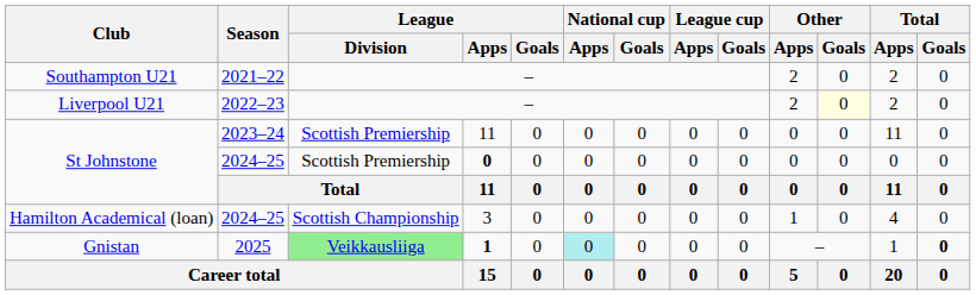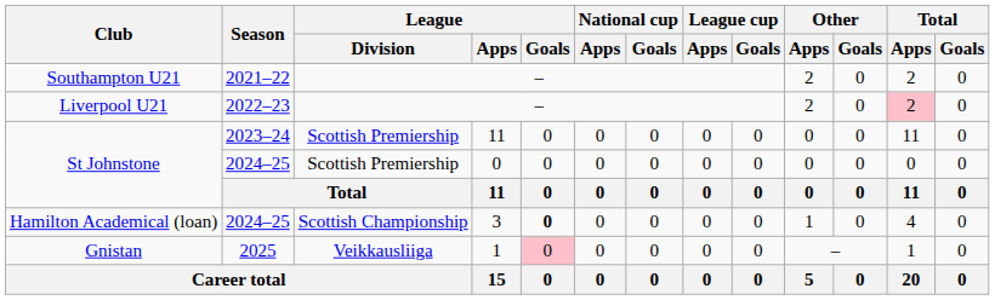 <table class="wikitable" style="text-align:center">
 <tr>
 <th rowspan="2">Club</th>
 <th rowspan="2">Season</th>
 <th colspan="3">League</th>
 <th colspan="2">National cup</th>
 <th colspan="2">League cup</th>
 <th colspan="2">Other</th>
 <th colspan="2">Total</th>
 </tr>
 <tr>
 <th>Division</th>
 <th>Apps</th>
 <th>Goals</th>
 <th>Apps</th>
 <th>Goals</th>
 <th>Apps</th>
 <th>Goals</th>
 <th>Apps</th>
 <th>Goals</th>
 <th>Apps</th>
 <th>Goals</th>
 </tr>
 <tr>
 <td><a href='#'>Southampton U21</a></td>
 <td><a href='#'>2021–22</a></td>
 <td colspan=7>–</td>
 <td>2</td>
 <td>0</td>
 <td>2</td>
 <td>0</td>
 </tr>
 <tr>
 <td><a href='#'>Liverpool U21</a></td>
 <td><a href='#'>2022–23</a></td>
 <td colspan=7>–</td>
 <td>2</td>
-<td style="background: lightyellow;">0</td>
-<td>2</td>
+<td>0</td>
+<td style="background: pink;">2</td>
 <td>0</td>
 </tr>
 <tr>
 <td rowspan=3><a href='#'>St Johnstone</a></td>
 <td><a href='#'>2023–24</a></td>
 <td><a href='#'>Scottish Premiership</a></td>
 <td>11</td>
 <td>0</td>
 <td>0</td>
 <td>0</td>
 <td>0</td>
 <td>0</td>
 <td>0</td>
 <td>0</td>
 <td>11</td>
 <td>0</td>
 </tr>
 <tr>
 <td><a href='#'>2024–25</a></td>
 <td>Scottish Premiership</td>
-<td><strong>0</strong></td>
+<td>0</td>
 <td>0</td>
 <td>0</td>
 <td>0</td>
 <td>0</td>
 <td>0</td>
 <td>0</td>
 <td>0</td>
 <td>0</td>
 <td>0</td>
 </tr>
 <tr>
 <th colspan=2>Total</th>
 <th>11</th>
 <th>0</th>
 <th>0</th>
 <th>0</th>
 <th>0</th>
 <th>0</th>
 <th>0</th>
 <th>0</th>
 <th>11</th>
 <th>0</th>
 </tr>
 <tr>
 <td><a href='#'>Hamilton Academical</a> (loan)</td>
 <td><a href='#'>2024–25</a></td>
 <td><a href='#'>Scottish Championship</a></td>
 <td>3</td>
-<td>0</td>
+<td><strong>0</strong></td>
 <td>0</td>
 <td>0</td>
 <td>0</td>
 <td>0</td>
 <td>1</td>
 <td>0</td>
 <td>4</td>
 <td>0</td>
 </tr>
 <tr>
 <td><a href='#'>Gnistan</a></td>
 <td><a href='#'>2025</a></td>
-<td style="background: lightgreen;"><a href='#'>Veikkausliiga</a></td>
-<td><strong>1</strong></td>
+<td><a href='#'>Veikkausliiga</a></td>
+<td>1</td>
+<td style="background: pink;">0</td>
 <td>0</td>
-<td style="background: paleturquoise;">0</td>
 <td>0</td>
 <td>0</td>
 <td>0</td>
 <td colspan=2>–</td>
 <td>1</td>
-<td><strong>0</strong></td>
+<td>0</td>
 </tr>
 <tr>
 <th colspan="3">Career total</th>
 <th>15</th>
 <th>0</th>
 <th>0</th>
 <th>0</th>
 <th>0</th>
 <th>0</th>
 <th>5</th>
 <th>0</th>
 <th>20</th>
 <th>0</th>
 </tr>
 </table>
